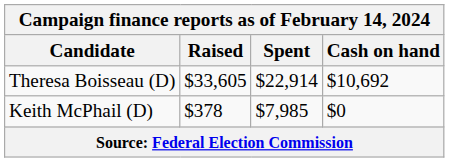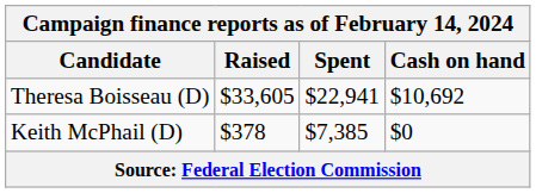 <table class="wikitable sortable">
 <tr>
 <th colspan=4>Campaign finance reports as of February 14, 2024</th>
 </tr>
 <tr style="text-align:center;">
 <th>Candidate</th>
 <th>Raised</th>
 <th>Spent</th>
 <th>Cash on hand</th>
 </tr>
 <tr>
 <td style="color:black;background-color:">Theresa Boisseau (D)</td>
 <td>$33,605</td>
-<td>$22,914</td>
+<td>$22,941</td>
 <td>$10,692</td>
 </tr>
 <tr>
 <td style="color:black;background-color:">Keith McPhail (D)</td>
 <td>$378</td>
-<td>$7,985</td>
+<td>$7,385</td>
 <td>$0</td>
 </tr>
 <tr>
 <th colspan="4"><small>Source: <a href='#'>Federal Election Commission</a></small></th>
 </tr>
 </table>
